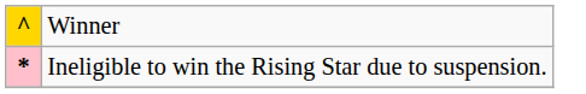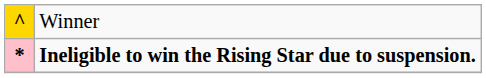 <table class="wikitable plainrowheaders" style="font-size:90%;">
 <tr>
 <th scope=row style="background:gold; border:1px solid #aaa; width:1em;">^</th>
 <td>Winner</td>
 </tr>
 <tr>
 <th scope=row style="background:#FFC0CB; border:1px solid #aaa; width:1em;">*</th>
-<td>Ineligible to win the Rising Star due to suspension.</td>
+<td><strong>Ineligible to win the Rising Star due to suspension.</strong></td>
 </tr>
 <tr>
 </tr>
 </table>
